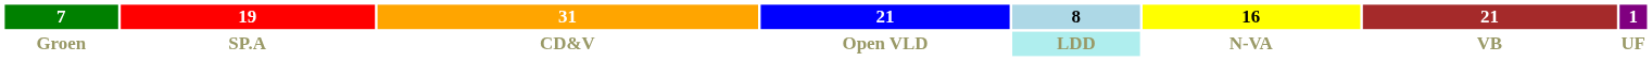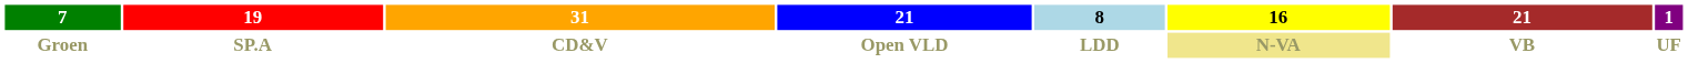 <table style="width:100%; font-size:88%; text-align:center;">
 <tr style="font-weight:bold">
 <td style="background:green; width:6.77%; color:white">7</td>
 <td style="background:red; width:15.27%; color:white">19</td>
 <td style="background:orange; width:22.86%; color:white">31</td>
 <td style="background:blue; width:14.99%; color:white">21</td>
 <td style="background:lightblue; width:7.62%; color:black">8</td>
 <td style="background:yellow; width:13.06%; color:black">16</td>
 <td style="background:brown; width:15.28%; color:white">21</td>
 <td style="background:purple; width:1.15%; color:white">1</td>
 </tr>
 <tr style="font-weight:bold; color:#996;">
 <td>Groen</td>
 <td>SP.A</td>
 <td>CD&V</td>
 <td>Open VLD</td>
-<td style="background: paleturquoise;">LDD</td>
-<td>N-VA</td>
+<td>LDD</td>
+<td style="background: khaki;">N-VA</td>
 <td>VB</td>
 <td>UF</td>
 </tr>
 </table>
